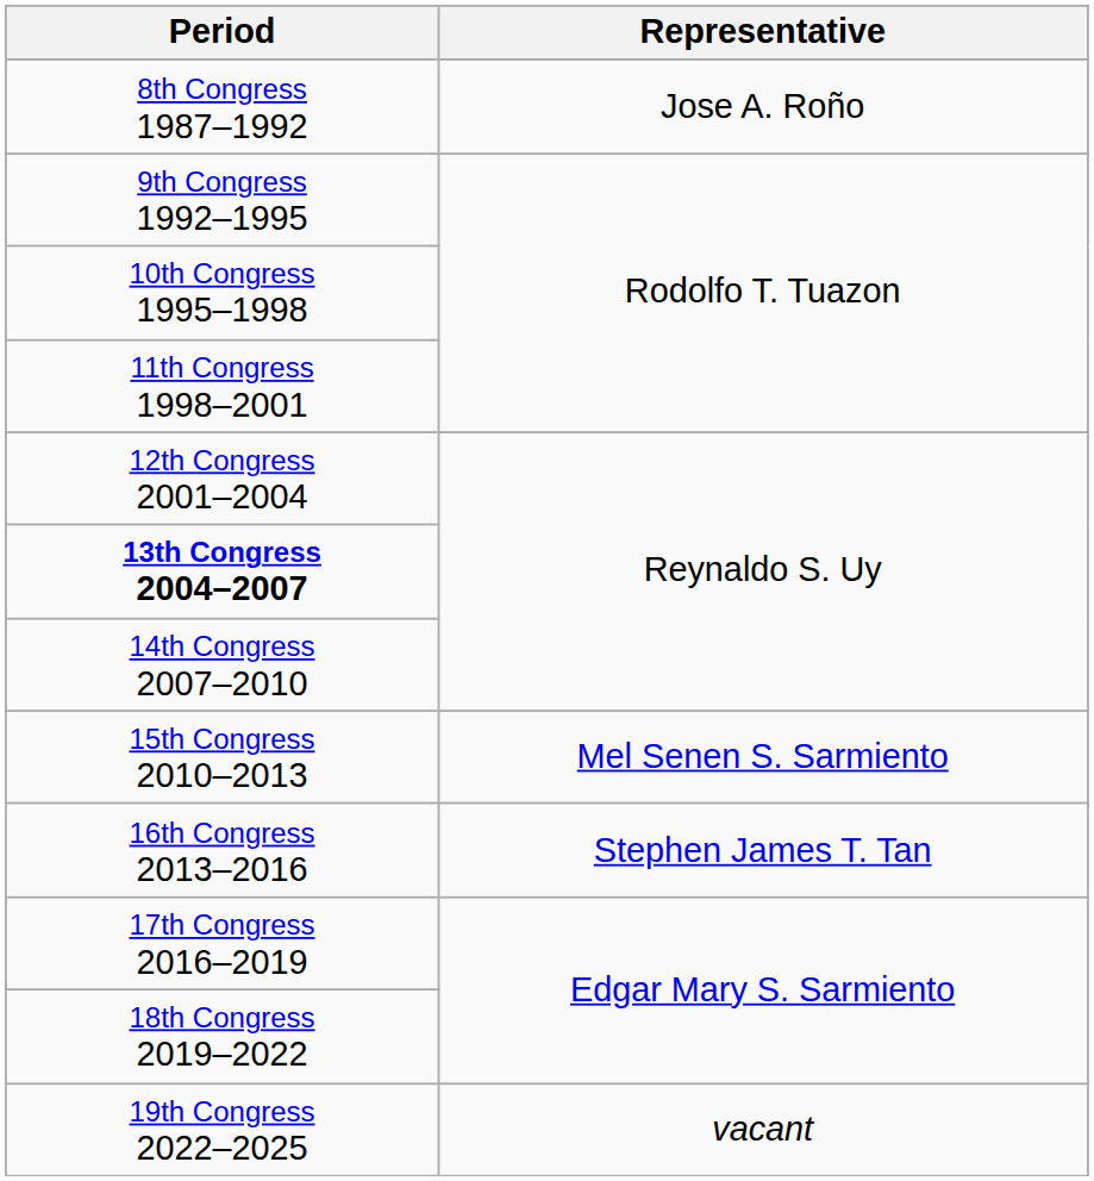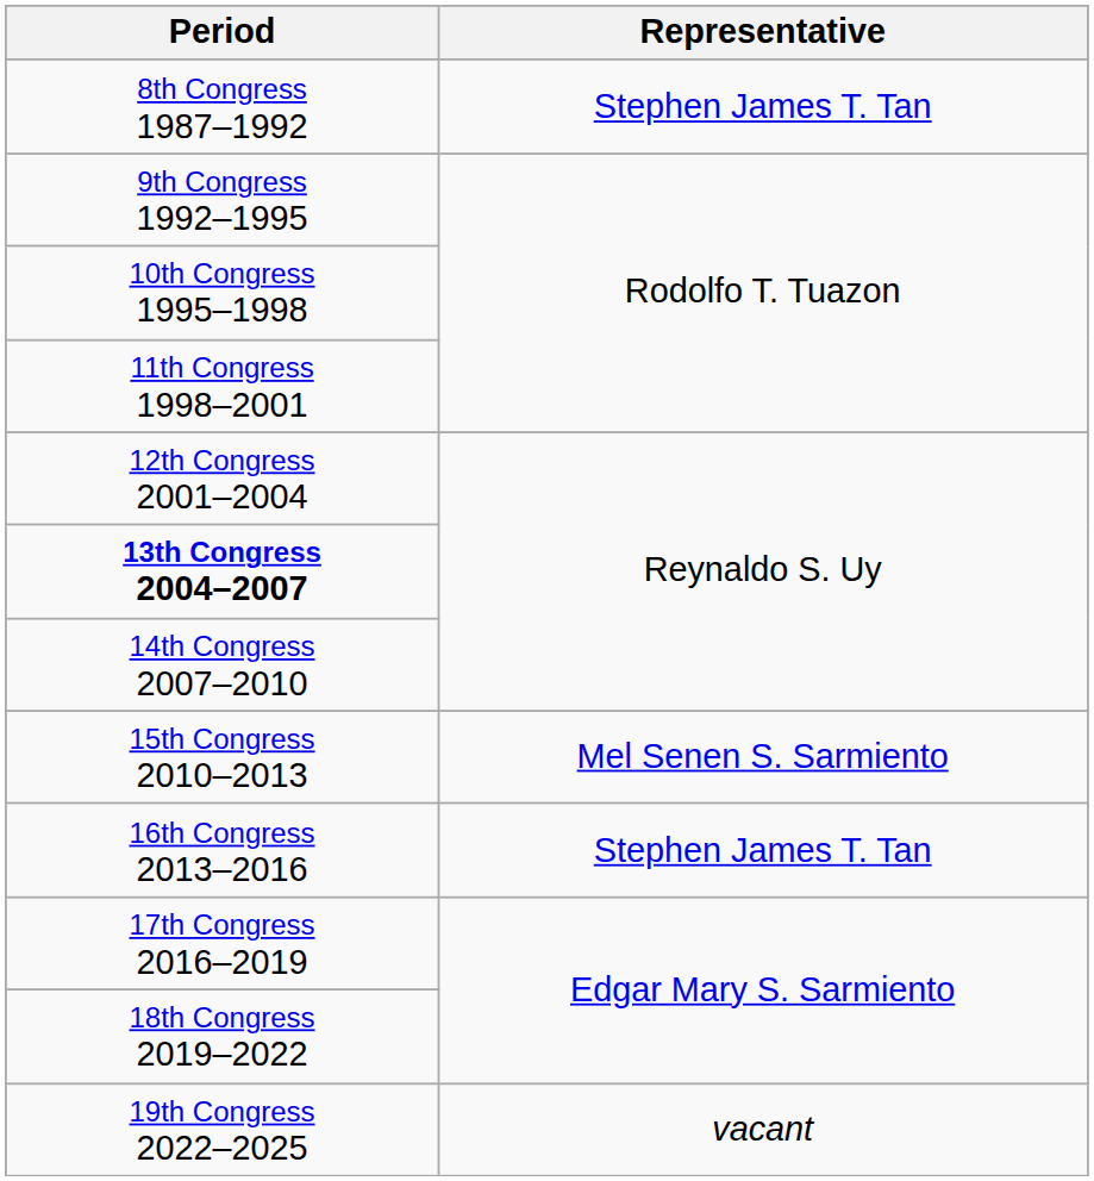 <table class="wikitable" style="text-align:center; width:40%;">
 <tr>
 <th width="40%">Period</th>
 <th>Representative</th>
 </tr>
 <tr>
 <td><small><a href='#'>8th Congress</a></small><br>1987–1992</td>
-<td>Jose A. Roño</td>
+<td><a href='#'>Stephen James T. Tan</a></td>
 </tr>
 <tr>
 <td><small><a href='#'>9th Congress</a></small><br>1992–1995</td>
 <td rowspan="3">Rodolfo T. Tuazon</td>
 </tr>
 <tr>
 <td><small><a href='#'>10th Congress</a></small><br>1995–1998</td>
 </tr>
 <tr>
 <td><small><a href='#'>11th Congress</a></small><br>1998–2001</td>
 </tr>
 <tr>
 <td><small><a href='#'>12th Congress</a></small><br>2001–2004</td>
 <td rowspan="3">Reynaldo S. Uy</td>
 </tr>
 <tr>
 <td><strong><small><a href='#'>13th Congress</a></small><br>2004–2007</strong></td>
 </tr>
 <tr>
 <td><small><a href='#'>14th Congress</a></small><br>2007–2010</td>
 </tr>
 <tr>
 <td><small><a href='#'>15th Congress</a></small><br>2010–2013</td>
 <td rowspan="2"><a href='#'>Mel Senen S. Sarmiento</a></td>
 </tr>
 <tr>
 <td rowspan="2"><small><a href='#'>16th Congress</a></small><br>2013–2016</td>
 </tr>
 <tr>
 <td><a href='#'>Stephen James T. Tan</a></td>
 </tr>
 <tr>
 <td><small><a href='#'>17th Congress</a></small><br>2016–2019</td>
 <td rowspan="2"><a href='#'>Edgar Mary S. Sarmiento</a></td>
 </tr>
 <tr>
 <td><small><a href='#'>18th Congress</a></small><br>2019–2022</td>
 </tr>
 <tr>
 <td><small><a href='#'>19th Congress</a></small><br>2022–2025</td>
 <td><em>vacant</em></td>
 </tr>
 </table>
